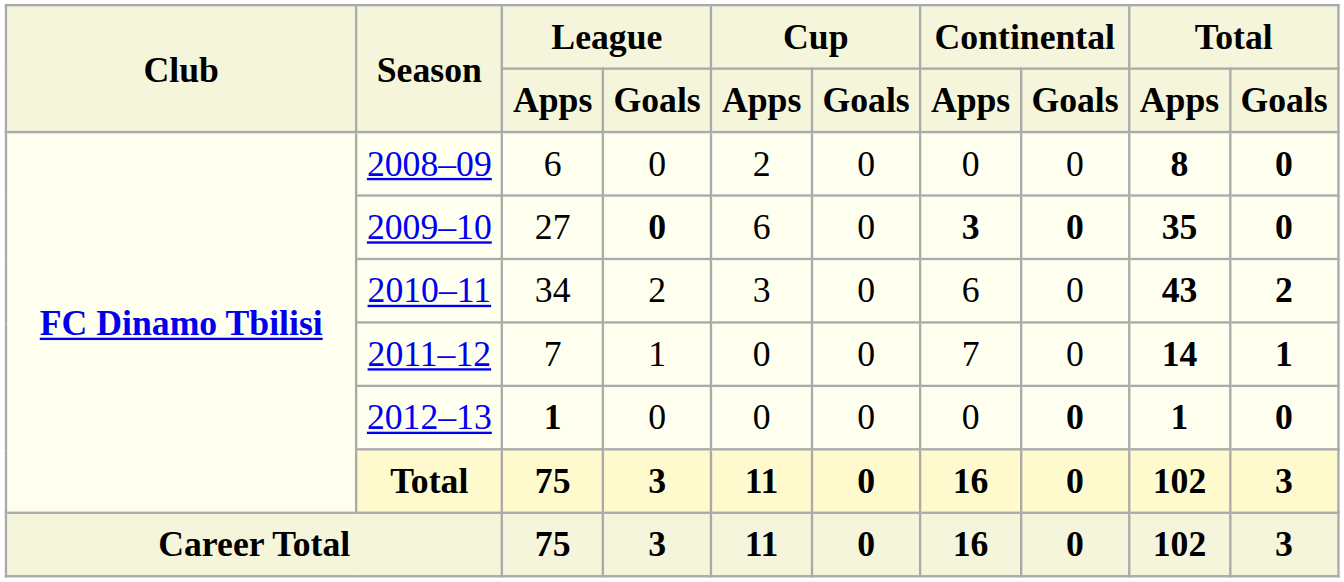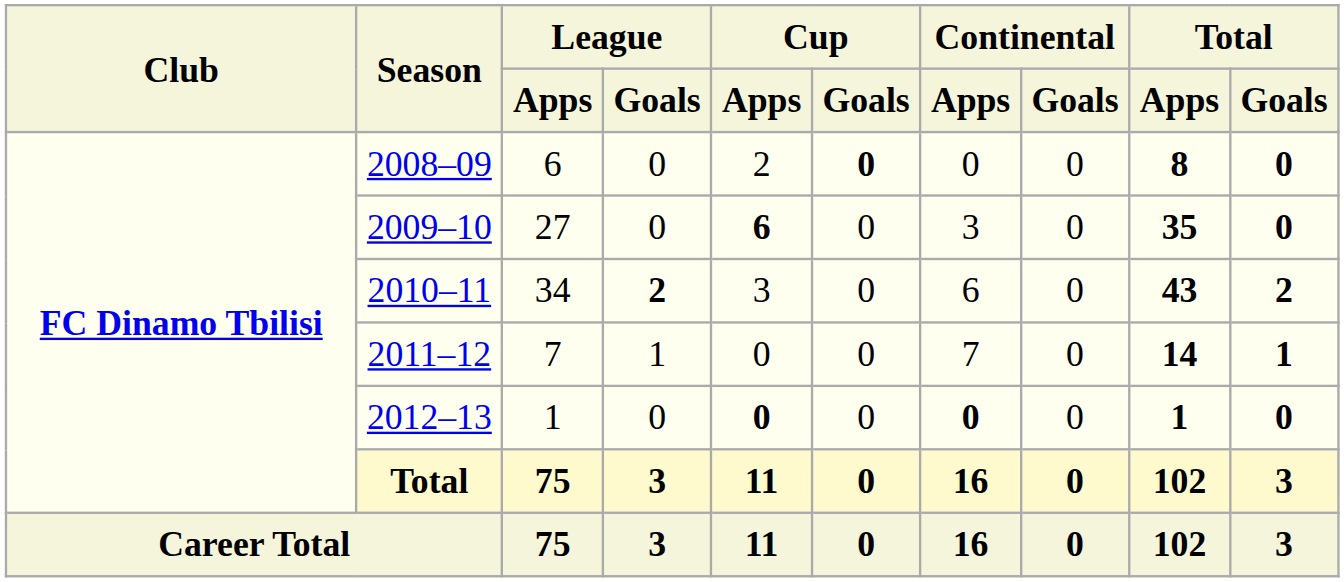 <table border=1 align=center cellpadding=4 cellspacing=2 style="background: ivory; font-size: 95%; border: 1px #aaaaaa solid; border-collapse: collapse; clear:center">
 <tr style="background:beige">
 <th rowspan="2" width=140>Club</th>
 <th rowspan="2">Season</th>
 <th colspan="2">League</th>
 <th colspan="2">Cup</th>
 <th colspan="2">Continental</th>
 <th colspan="2">Total</th>
 </tr>
 <tr style="background:beige">
 <th>Apps</th>
 <th>Goals</th>
 <th>Apps</th>
 <th>Goals</th>
 <th>Apps</th>
 <th>Goals</th>
 <th>Apps</th>
 <th>Goals</th>
 </tr>
 <tr>
 <td rowspan="6" align=center valign=center><strong><a href='#'>FC Dinamo Tbilisi</a></strong></td>
 <td align="center"><a href='#'>2008–09</a></td>
 <td align="center">6</td>
 <td align="center">0</td>
 <td align="center">2</td>
-<td align="center">0</td>
+<td align="center"><strong>0</strong></td>
 <td align="center">0</td>
 <td align="center">0</td>
 <th>8</th>
 <th>0</th>
 </tr>
 <tr>
 <td align="center"><a href='#'>2009–10</a></td>
 <td align="center">27</td>
-<td align="center"><strong>0</strong></td>
-<td align="center">6</td>
 <td align="center">0</td>
-<td align="center"><strong>3</strong></td>
-<td align="center"><strong>0</strong></td>
+<td align="center"><strong>6</strong></td>
+<td align="center">0</td>
+<td align="center">3</td>
+<td align="center">0</td>
 <th>35</th>
 <th>0</th>
 </tr>
 <tr>
 <td align="center"><a href='#'>2010–11</a></td>
 <td align="center">34</td>
-<td align="center">2</td>
+<td align="center"><strong>2</strong></td>
 <td align="center">3</td>
 <td align="center">0</td>
 <td align="center">6</td>
 <td align="center">0</td>
 <th>43</th>
 <th>2</th>
 </tr>
 <tr>
 <td align="center"><a href='#'>2011–12</a></td>
 <td align="center">7</td>
 <td align="center">1</td>
 <td align="center">0</td>
 <td align="center">0</td>
 <td align="center">7</td>
 <td align="center">0</td>
 <th>14</th>
 <th>1</th>
 </tr>
 <tr>
 <td align="center"><a href='#'>2012–13</a></td>
-<td align="center"><strong>1</strong></td>
-<td align="center">0</td>
-<td align="center">0</td>
-<td align="center">0</td>
+<td align="center">1</td>
 <td align="center">0</td>
 <td align="center"><strong>0</strong></td>
+<td align="center">0</td>
+<td align="center"><strong>0</strong></td>
+<td align="center">0</td>
 <th>1</th>
 <th>0</th>
 </tr>
 <tr style="background:lemonchiffon">
 <th>Total</th>
 <th>75</th>
 <th>3</th>
 <th>11</th>
 <th>0</th>
 <th>16</th>
 <th>0</th>
 <th>102</th>
 <th>3</th>
 </tr>
 <tr style="background:beige">
 <th colspan="2">Career Total</th>
 <th>75</th>
 <th>3</th>
 <th>11</th>
 <th>0</th>
 <th>16</th>
 <th>0</th>
 <th>102</th>
 <th>3</th>
 </tr>
 </table>
